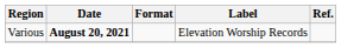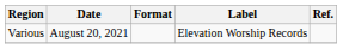 <table class="wikitable plainrowheaders">
 <tr>
 <th scope="col">Region</th>
 <th scope="col">Date</th>
 <th scope="col">Format</th>
 <th scope="col">Label</th>
 <th scope="col">Ref.</th>
 </tr>
 <tr>
 <td>Various</td>
-<td><strong>August 20, 2021</strong></td>
+<td>August 20, 2021</td>
 <td></td>
 <td>Elevation Worship Records</td>
 <td></td>
 </tr>
 <tr>
 </tr>
 </table>
